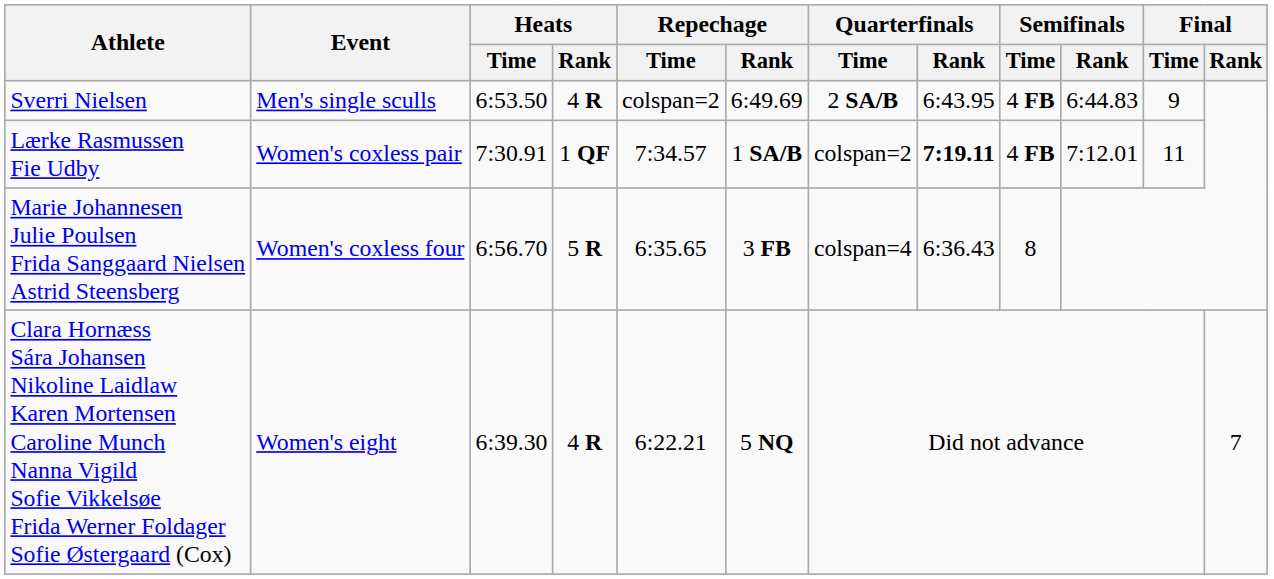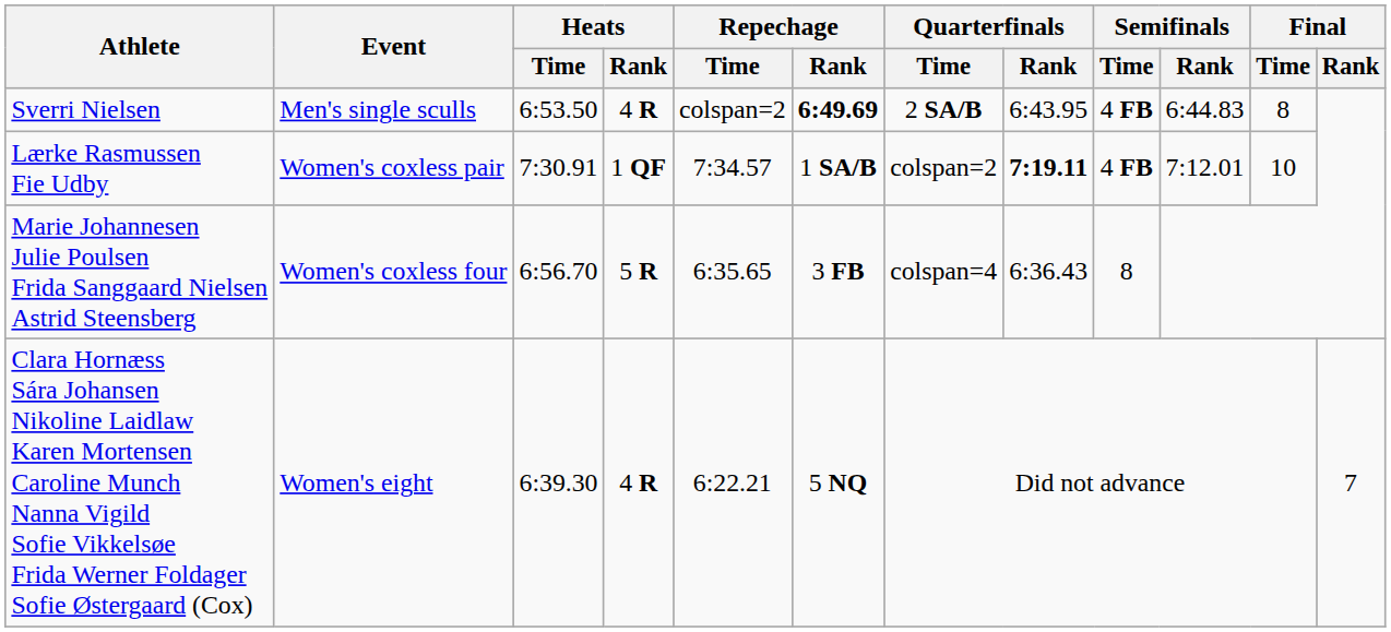 <table class=wikitable style=font-size:90%;text-align:center>
 <tr>
 <th rowspan=2>Athlete</th>
 <th rowspan=2>Event</th>
 <th colspan=2>Heats</th>
 <th colspan=2>Repechage</th>
 <th colspan=2>Quarterfinals</th>
 <th colspan=2>Semifinals</th>
 <th colspan=2>Final</th>
 </tr>
 <tr style=font-size:95%>
 <th>Time</th>
 <th>Rank</th>
 <th>Time</th>
 <th>Rank</th>
 <th>Time</th>
 <th>Rank</th>
 <th>Time</th>
 <th>Rank</th>
 <th>Time</th>
 <th>Rank</th>
 </tr>
 <tr>
 <td align=left><a href='#'>Sverri Nielsen</a></td>
 <td align=left><a href='#'>Men's single sculls</a></td>
 <td>6:53.50</td>
 <td>4 <strong>R</strong></td>
 <td>colspan=2 </td>
-<td>6:49.69</td>
+<td><strong>6:49.69</strong></td>
 <td>2 <strong>SA/B</strong></td>
 <td>6:43.95</td>
 <td>4 <strong>FB</strong></td>
 <td>6:44.83</td>
-<td>9</td>
+<td>8</td>
 </tr>
 <tr>
 <td align=left><a href='#'>Lærke Rasmussen</a><br><a href='#'>Fie Udby</a></td>
 <td align=left><a href='#'>Women's coxless pair</a></td>
 <td>7:30.91</td>
 <td>1 <strong>QF</strong></td>
 <td>7:34.57</td>
 <td>1 <strong>SA/B</strong></td>
 <td>colspan=2 </td>
 <td><strong>7:19.11</strong></td>
 <td>4 <strong>FB</strong></td>
 <td>7:12.01</td>
-<td>11</td>
+<td>10</td>
 </tr>
 <tr>
 <td align=left><a href='#'>Marie Johannesen</a><br><a href='#'>Julie Poulsen</a><br><a href='#'>Frida Sanggaard Nielsen</a><br><a href='#'>Astrid Steensberg</a></td>
 <td align=left><a href='#'>Women's coxless four</a></td>
 <td>6:56.70</td>
 <td>5 <strong>R</strong></td>
 <td>6:35.65</td>
 <td>3 <strong>FB</strong></td>
 <td>colspan=4 </td>
 <td>6:36.43</td>
 <td>8</td>
 </tr>
 <tr>
 <td align=left><a href='#'>Clara Hornæss</a><br><a href='#'>Sára Johansen</a><br><a href='#'>Nikoline Laidlaw</a><br><a href='#'>Karen Mortensen</a><br><a href='#'>Caroline Munch</a><br><a href='#'>Nanna Vigild</a><br><a href='#'>Sofie Vikkelsøe</a><br><a href='#'>Frida Werner Foldager</a><br><a href='#'>Sofie Østergaard</a> (Cox)</td>
 <td align=left><a href='#'>Women's eight</a></td>
 <td>6:39.30</td>
 <td>4 <strong>R</strong></td>
 <td>6:22.21</td>
 <td>5 <strong>NQ</strong></td>
 <td colspan=5>Did not advance</td>
 <td>7</td>
 </tr>
 </table>
